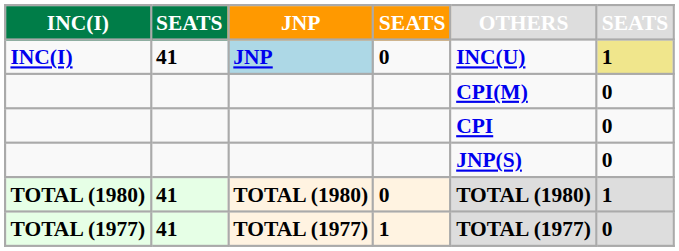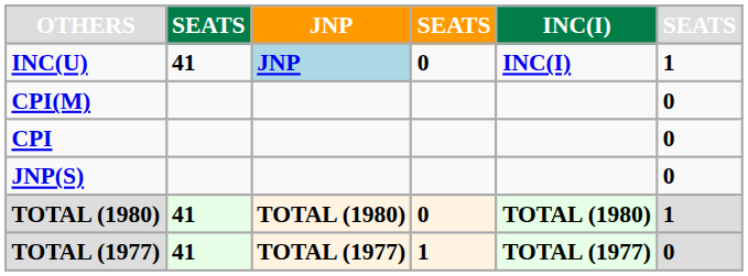 <table class="wikitable" style="font-weight: bold; font-size: x-small; font-family: verdana">
 <tr>
-<th style="background-color:#007D48; color:white">INC(I)</th>
+<th style="background-color:#DDDDDD; color:white">OTHERS</th>
 <th style="background-color:#007D48; color:white">SEATS</th>
 <th style="background-color:#FF9900; color:white">JNP</th>
 <th style="background-color:#FF9900; color:white">SEATS</th>
-<th style="background-color:#DDDDDD; color:white">OTHERS</th>
+<th style="background-color:#007D48; color:white">INC(I)</th>
 <th style="background-color:#DDDDDD; color:white">SEATS</th>
 </tr>
 <tr --->
-<td><a href='#'>INC(I)</a></td>
+<td><a href='#'>INC(U)</a></td>
 <td>41</td>
 <td style="background: lightblue;"><a href='#'>JNP</a></td>
 <td>0</td>
-<td><a href='#'>INC(U)</a></td>
-<td style="background: khaki;">1</td>
+<td><a href='#'>INC(I)</a></td>
+<td>1</td>
 </tr>
 <tr --->
+<td><a href='#'>CPI(M)</a></td>
 <td></td>
 <td></td>
 <td></td>
 <td></td>
-<td><a href='#'>CPI(M)</a></td>
 <td>0</td>
 </tr>
 <tr --->
+<td><a href='#'>CPI</a></td>
 <td></td>
 <td></td>
 <td></td>
 <td></td>
-<td><a href='#'>CPI</a></td>
 <td>0</td>
 </tr>
 <tr --->
+<td><a href='#'>JNP(S)</a></td>
 <td></td>
 <td></td>
 <td></td>
 <td></td>
-<td><a href='#'>JNP(S)</a></td>
 <td>0</td>
 </tr>
 <tr --->
-<td bgcolor=#E6FFE6>TOTAL (1980)</td>
+<td bgcolor=#DDDDDD>TOTAL (1980)</td>
 <td bgcolor=#E6FFE6>41</td>
 <td bgcolor=#FFF3E1>TOTAL (1980)</td>
 <td bgcolor=#FFF3E1>0</td>
-<td bgcolor=#DDDDDD>TOTAL (1980)</td>
+<td bgcolor=#E6FFE6>TOTAL (1980)</td>
 <td bgcolor=#DDDDDD>1</td>
 </tr>
 <tr --->
-<td bgcolor=#E6FFE6>TOTAL (1977)</td>
+<td bgcolor=#DDDDDD>TOTAL (1977)</td>
 <td bgcolor=#E6FFE6>41</td>
 <td bgcolor=#FFF3E1>TOTAL (1977)</td>
 <td bgcolor=#FFF3E1>1</td>
-<td bgcolor=#DDDDDD>TOTAL (1977)</td>
+<td bgcolor=#E6FFE6>TOTAL (1977)</td>
 <td bgcolor=#DDDDDD>0</td>
 </tr>
 </table>
